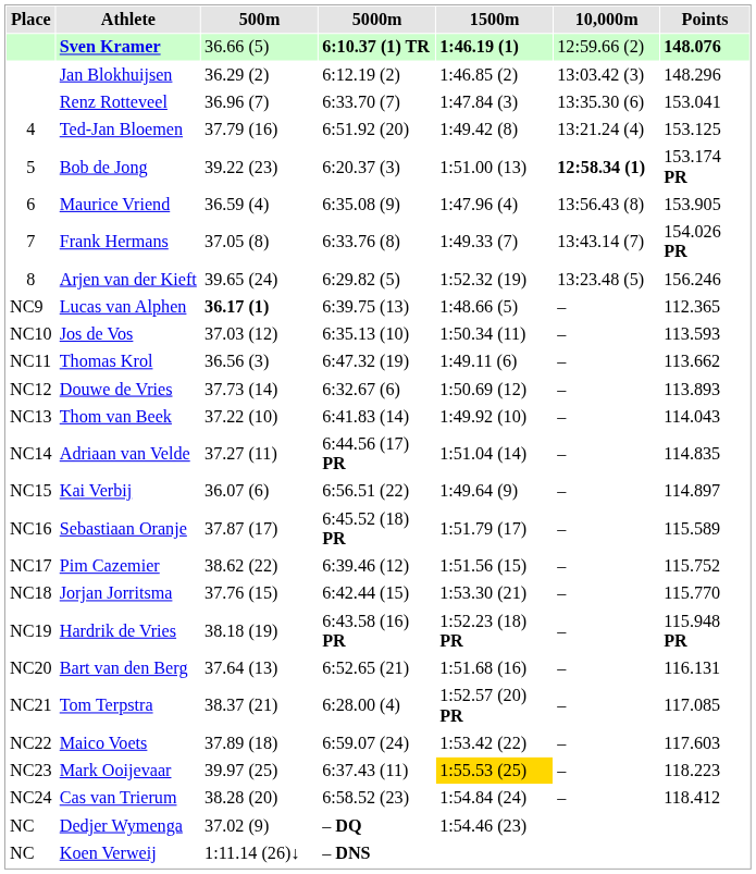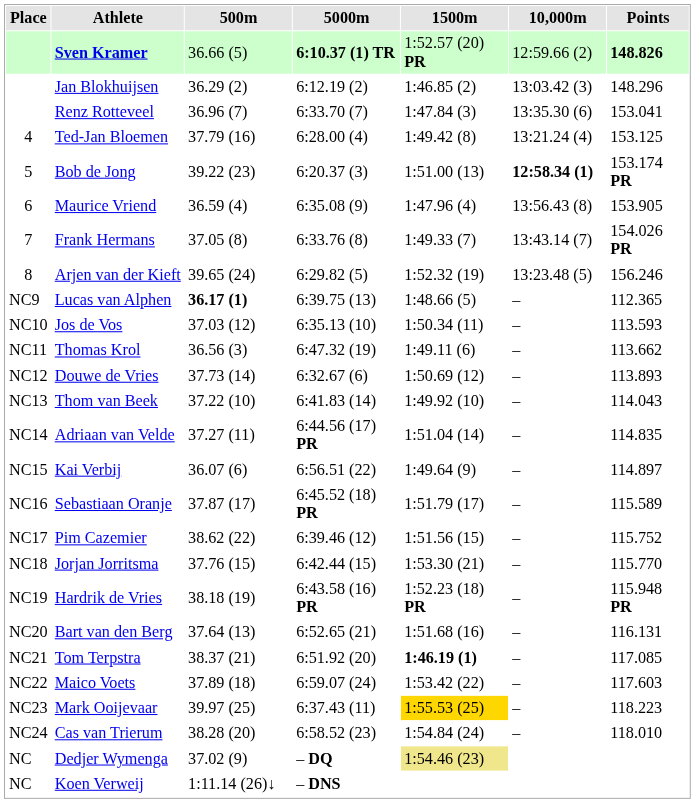 <table cellspacing="1" cellpadding="3" style="border:1px solid #AAAAAA;font–size:90%">
 <tr bgcolor="#E4E4E4">
 <th style="border–bottom:1px solid #AAAAAA" width=15>Place</th>
 <th style="border–bottom:1px solid #AAAAAA" width=125>Athlete</th>
 <th style="border–bottom:1px solid #AAAAAA" width=100>500m</th>
 <th style="border–bottom:1px solid #AAAAAA" width=100>5000m</th>
 <th style="border–bottom:1px solid #AAAAAA" width=100>1500m</th>
 <th style="border–bottom:1px solid #AAAAAA" width=90>10,000m</th>
 <th style="border–bottom:1px solid #AAAAAA" width=75>Points</th>
 </tr>
 <tr bgcolor=ccffcc>
 <td style="text-align:center"></td>
 <td><strong><a href='#'>Sven Kramer</a></strong></td>
 <td>36.66 (5)</td>
 <td><strong>6:10.37 (1) TR</strong></td>
-<td><strong>1:46.19 (1)</strong></td>
+<td>1:52.57 (20) <strong>PR</strong></td>
 <td>12:59.66 (2)</td>
-<td><strong>148.076</strong></td>
+<td><strong>148.826</strong></td>
 </tr>
 <tr>
 <td style="text-align:center"></td>
 <td><a href='#'>Jan Blokhuijsen</a></td>
 <td>36.29 (2)</td>
 <td>6:12.19 (2)</td>
 <td>1:46.85 (2)</td>
 <td>13:03.42 (3)</td>
 <td>148.296</td>
 </tr>
 <tr>
 <td style="text-align:center"></td>
 <td><a href='#'>Renz Rotteveel</a></td>
 <td>36.96 (7)</td>
 <td>6:33.70 (7)</td>
 <td>1:47.84 (3)</td>
 <td>13:35.30 (6)</td>
 <td>153.041</td>
 </tr>
 <tr>
 <td style="text-align:center">4</td>
 <td><a href='#'>Ted-Jan Bloemen</a></td>
 <td>37.79 (16)</td>
-<td>6:51.92 (20)</td>
+<td>6:28.00 (4)</td>
 <td>1:49.42 (8)</td>
 <td>13:21.24 (4)</td>
 <td>153.125</td>
 </tr>
 <tr>
 <td style="text-align:center">5</td>
 <td><a href='#'>Bob de Jong</a></td>
 <td>39.22 (23)</td>
 <td>6:20.37 (3)</td>
 <td>1:51.00 (13)</td>
 <td><strong>12:58.34 (1)</strong></td>
 <td>153.174 <strong>PR</strong></td>
 </tr>
 <tr>
 <td style="text-align:center">6</td>
 <td><a href='#'>Maurice Vriend</a></td>
 <td>36.59 (4)</td>
 <td>6:35.08 (9)</td>
 <td>1:47.96 (4)</td>
 <td>13:56.43 (8)</td>
 <td>153.905</td>
 </tr>
 <tr>
 <td style="text-align:center">7</td>
 <td><a href='#'>Frank Hermans</a></td>
 <td>37.05 (8)</td>
 <td>6:33.76 (8)</td>
 <td>1:49.33 (7)</td>
 <td>13:43.14 (7)</td>
 <td>154.026 <strong>PR</strong></td>
 </tr>
 <tr>
 <td style="text-align:center">8</td>
 <td><a href='#'>Arjen van der Kieft</a></td>
 <td>39.65 (24)</td>
 <td>6:29.82 (5)</td>
 <td>1:52.32 (19)</td>
 <td>13:23.48 (5)</td>
 <td>156.246</td>
 </tr>
 <tr>
 <td>NC9</td>
 <td><a href='#'>Lucas van Alphen</a></td>
 <td><strong>36.17 (1)</strong></td>
 <td>6:39.75 (13)</td>
 <td>1:48.66 (5)</td>
 <td>–</td>
 <td>112.365</td>
 </tr>
 <tr>
 <td>NC10</td>
 <td><a href='#'>Jos de Vos</a></td>
 <td>37.03 (12)</td>
 <td>6:35.13 (10)</td>
 <td>1:50.34 (11)</td>
 <td>–</td>
 <td>113.593</td>
 </tr>
 <tr>
 <td>NC11</td>
 <td><a href='#'>Thomas Krol</a></td>
 <td>36.56 (3)</td>
 <td>6:47.32 (19)</td>
 <td>1:49.11 (6)</td>
 <td>–</td>
 <td>113.662</td>
 </tr>
 <tr>
 <td>NC12</td>
 <td><a href='#'>Douwe de Vries</a></td>
 <td>37.73 (14)</td>
 <td>6:32.67 (6)</td>
 <td>1:50.69 (12)</td>
 <td>–</td>
 <td>113.893</td>
 </tr>
 <tr>
 <td>NC13</td>
 <td><a href='#'>Thom van Beek</a></td>
 <td>37.22 (10)</td>
 <td>6:41.83 (14)</td>
 <td>1:49.92 (10)</td>
 <td>–</td>
 <td>114.043</td>
 </tr>
 <tr>
 <td>NC14</td>
 <td><a href='#'>Adriaan van Velde</a></td>
 <td>37.27 (11)</td>
 <td>6:44.56 (17) <strong>PR</strong></td>
 <td>1:51.04 (14)</td>
 <td>–</td>
 <td>114.835</td>
 </tr>
 <tr>
 <td>NC15</td>
 <td><a href='#'>Kai Verbij</a></td>
 <td>36.07 (6)</td>
 <td>6:56.51 (22)</td>
 <td>1:49.64 (9)</td>
 <td>–</td>
 <td>114.897</td>
 </tr>
 <tr>
 <td>NC16</td>
 <td><a href='#'>Sebastiaan Oranje</a></td>
 <td>37.87 (17)</td>
 <td>6:45.52 (18) <strong>PR</strong></td>
 <td>1:51.79 (17)</td>
 <td>–</td>
 <td>115.589</td>
 </tr>
 <tr>
 <td>NC17</td>
 <td><a href='#'>Pim Cazemier</a></td>
 <td>38.62 (22)</td>
 <td>6:39.46 (12)</td>
 <td>1:51.56 (15)</td>
 <td>–</td>
 <td>115.752</td>
 </tr>
 <tr>
 <td>NC18</td>
 <td><a href='#'>Jorjan Jorritsma</a></td>
 <td>37.76 (15)</td>
 <td>6:42.44 (15)</td>
 <td>1:53.30 (21)</td>
 <td>–</td>
 <td>115.770</td>
 </tr>
 <tr>
 <td>NC19</td>
 <td><a href='#'>Hardrik de Vries</a></td>
 <td>38.18 (19)</td>
 <td>6:43.58 (16) <strong>PR</strong></td>
 <td>1:52.23 (18) <strong>PR</strong></td>
 <td>–</td>
 <td>115.948 <strong>PR</strong></td>
 </tr>
 <tr>
 <td>NC20</td>
 <td><a href='#'>Bart van den Berg</a></td>
 <td>37.64 (13)</td>
 <td>6:52.65 (21)</td>
 <td>1:51.68 (16)</td>
 <td>–</td>
 <td>116.131</td>
 </tr>
 <tr>
 <td>NC21</td>
 <td><a href='#'>Tom Terpstra</a></td>
 <td>38.37 (21)</td>
-<td>6:28.00 (4)</td>
-<td>1:52.57 (20) <strong>PR</strong></td>
+<td>6:51.92 (20)</td>
+<td><strong>1:46.19 (1)</strong></td>
 <td>–</td>
 <td>117.085</td>
 </tr>
 <tr>
 <td>NC22</td>
 <td><a href='#'>Maico Voets</a></td>
 <td>37.89 (18)</td>
 <td>6:59.07 (24)</td>
 <td>1:53.42 (22)</td>
 <td>–</td>
 <td>117.603</td>
 </tr>
 <tr>
 <td>NC23</td>
 <td><a href='#'>Mark Ooijevaar</a></td>
 <td>39.97 (25)</td>
 <td>6:37.43 (11)</td>
 <td style="background: gold;">1:55.53 (25)</td>
 <td>–</td>
 <td>118.223</td>
 </tr>
 <tr>
 <td>NC24</td>
 <td><a href='#'>Cas van Trierum</a></td>
 <td>38.28 (20)</td>
 <td>6:58.52 (23)</td>
 <td>1:54.84 (24)</td>
 <td>–</td>
-<td>118.412</td>
+<td>118.010</td>
 </tr>
 <tr>
 <td>NC</td>
 <td><a href='#'>Dedjer Wymenga</a></td>
 <td>37.02 (9)</td>
 <td>– <strong>DQ</strong></td>
-<td>1:54.46 (23)</td>
+<td style="background: khaki;">1:54.46 (23)</td>
 </tr>
 <tr>
 <td>NC</td>
 <td><a href='#'>Koen Verweij</a></td>
 <td>1:11.14 (26)↓</td>
 <td>– <strong>DNS</strong></td>
 </tr>
 <tr>
 </tr>
 </table>
